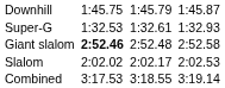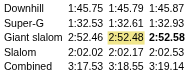 <table>
 <tr valign="top">
 <td>Downhill<br></td>
 <td></td>
 <td>1:45.75</td>
 <td></td>
 <td>1:45.79</td>
 <td></td>
 <td>1:45.87</td>
 </tr>
 <tr valign="top">
 <td>Super-G<br></td>
 <td></td>
 <td>1:32.53</td>
 <td></td>
 <td>1:32.61</td>
 <td></td>
 <td>1:32.93</td>
 </tr>
 <tr valign="top">
 <td>Giant slalom<br></td>
 <td></td>
-<td><strong>2:52.46</strong></td>
+<td>2:52.46</td>
 <td></td>
-<td>2:52.48</td>
+<td style="background: khaki;">2:52.48</td>
 <td></td>
-<td>2:52.58</td>
+<td><strong>2:52.58</strong></td>
 </tr>
 <tr valign="top">
 <td>Slalom<br></td>
 <td></td>
 <td>2:02.02</td>
 <td></td>
 <td>2:02.17</td>
 <td></td>
 <td>2:02.53</td>
 </tr>
 <tr valign="top">
 <td>Combined<br></td>
 <td></td>
 <td>3:17.53</td>
 <td></td>
 <td>3:18.55</td>
 <td></td>
 <td>3:19.14</td>
 </tr>
 </table>
